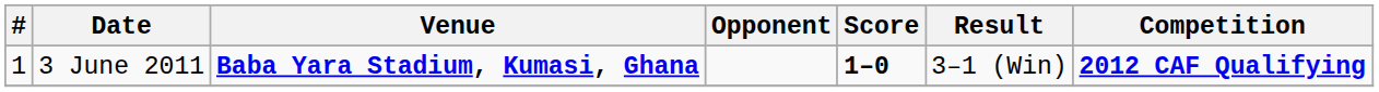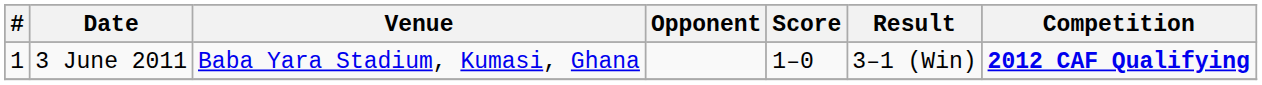 <table class="wikitable">
 <tr>
 <th>#</th>
 <th>Date</th>
 <th>Venue</th>
 <th>Opponent</th>
 <th>Score</th>
 <th>Result</th>
 <th>Competition</th>
 </tr>
 <tr>
 <td>1</td>
 <td>3 June 2011</td>
-<td><strong><a href='#'>Baba Yara Stadium</a>, <a href='#'>Kumasi</a>, <a href='#'>Ghana</a></strong></td>
+<td><a href='#'>Baba Yara Stadium</a>, <a href='#'>Kumasi</a>, <a href='#'>Ghana</a></td>
 <td></td>
-<td><strong>1–0</strong></td>
+<td>1–0</td>
 <td>3–1 (Win)</td>
 <td><strong><a href='#'>2012 CAF Qualifying</a></strong></td>
 </tr>
 <tr>
 </tr>
 </table>
